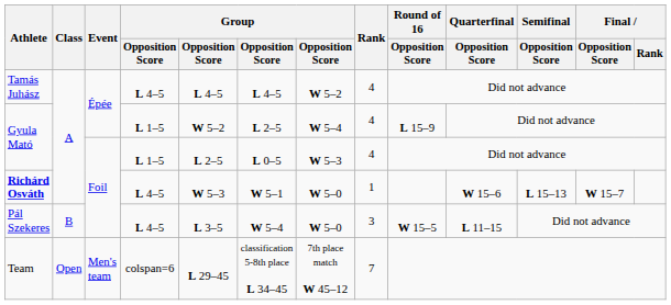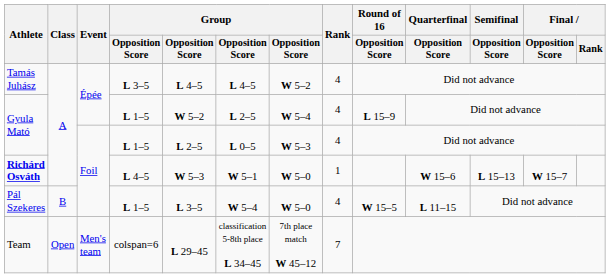 <table class="wikitable" style="font-size:90%">
 <tr>
 <th rowspan=2>Athlete</th>
 <th rowspan=2>Class</th>
 <th rowspan=2>Event</th>
 <th colspan=4>Group</th>
 <th rowspan=2>Rank</th>
 <th>Round of 16</th>
 <th>Quarterfinal</th>
 <th>Semifinal</th>
 <th colspan=2>Final / </th>
 </tr>
 <tr style="font-size:95%">
 <th>Opposition<br>Score</th>
 <th>Opposition<br>Score</th>
 <th>Opposition<br>Score</th>
 <th>Opposition<br>Score</th>
 <th>Opposition<br>Score</th>
 <th>Opposition<br>Score</th>
 <th>Opposition<br>Score</th>
 <th>Opposition<br>Score</th>
 <th>Rank</th>
 </tr>
 <tr align=center>
 <td align=left><a href='#'>Tamás Juhász</a></td>
 <td align=center rowspan=4><a href='#'>A</a></td>
 <td align=left rowspan=2><a href='#'>Épée</a></td>
-<td><br><strong>L</strong> 4–5</td>
+<td><br><strong>L</strong> 3–5</td>
 <td><br><strong>L</strong> 4–5</td>
 <td><br><strong>L</strong> 4–5</td>
 <td><br><strong>W</strong> 5–2</td>
 <td>4</td>
 <td colspan=5>Did not advance</td>
 </tr>
 <tr align=center>
 <td align=left rowspan=2><a href='#'>Gyula Mató</a></td>
 <td><br><strong>L</strong> 1–5</td>
 <td><br><strong>W</strong> 5–2</td>
 <td><br><strong>L</strong> 2–5</td>
 <td><br><strong>W</strong> 5–4</td>
 <td>4</td>
 <td><br><strong>L</strong> 15–9</td>
 <td colspan=4>Did not advance</td>
 </tr>
 <tr align=center>
 <td align=left rowspan=3><a href='#'>Foil</a></td>
 <td><br><strong>L</strong> 1–5</td>
 <td><br><strong>L</strong> 2–5</td>
 <td><br><strong>L</strong> 0–5</td>
 <td><br><strong>W</strong> 5–3</td>
 <td>4</td>
 <td colspan=5>Did not advance</td>
 </tr>
 <tr align=center>
 <td align=left><strong><a href='#'>Richárd Osváth</a></strong></td>
 <td><br><strong>L</strong> 4–5</td>
 <td><br><strong>W</strong> 5–3</td>
 <td><br><strong>W</strong> 5–1</td>
 <td><br><strong>W</strong> 5–0</td>
 <td>1</td>
 <td></td>
 <td><br><strong>W</strong> 15–6</td>
 <td><br><strong>L</strong> 15–13</td>
 <td><br><strong>W</strong> 15–7</td>
 <td></td>
 </tr>
 <tr align=center>
 <td align=left><a href='#'>Pál Szekeres</a></td>
 <td align=center><a href='#'>B</a></td>
-<td><br><strong>L</strong> 4–5</td>
+<td><br><strong>L</strong> 1–5</td>
 <td><br><strong>L</strong> 3–5</td>
 <td><br><strong>W</strong> 5–4</td>
 <td><br><strong>W</strong> 5–0</td>
-<td>3</td>
+<td>4</td>
 <td><br><strong>W</strong> 15–5</td>
 <td><br><strong>L</strong> 11–15</td>
 <td colspan=3>Did not advance</td>
 </tr>
 <tr align=center>
 <td align=left>Team</td>
 <td align=center><a href='#'>Open</a></td>
 <td align=left><a href='#'>Men's team</a></td>
 <td>colspan=6 </td>
 <td><br><strong>L</strong> 29–45</td>
 <td><small>classification 5-8th place</small><br><br><strong>L</strong> 34–45</td>
 <td><small>7th place match</small><br><br><strong>W</strong> 45–12</td>
 <td>7</td>
 </tr>
 </table>
